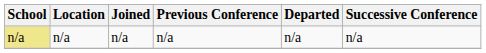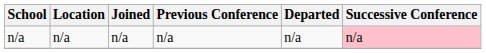 <table class="wikitable sortable">
 <tr>
 <th>School</th>
 <th>Location</th>
 <th>Joined</th>
 <th>Previous Conference</th>
 <th>Departed</th>
 <th>Successive Conference</th>
 </tr>
 <tr>
-<td style="background: khaki;">n/a</td>
 <td>n/a</td>
 <td>n/a</td>
 <td>n/a</td>
 <td>n/a</td>
 <td>n/a</td>
+<td style="background: pink;">n/a</td>
 </tr>
 <tr>
 </tr>
 </table>
